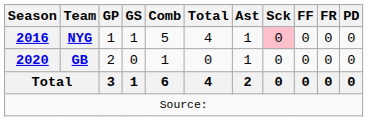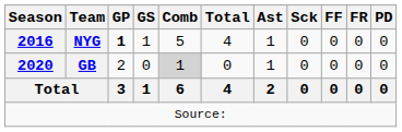 <table class=wikitable style="text-align:center;">
 <tr>
 <th>Season</th>
 <th>Team</th>
 <th>GP</th>
 <th>GS</th>
 <th>Comb</th>
 <th>Total</th>
 <th>Ast</th>
 <th>Sck</th>
 <th>FF</th>
 <th>FR</th>
 <th>PD</th>
 </tr>
 <tr>
 <th><a href='#'>2016</a></th>
 <th><a href='#'>NYG</a></th>
-<td>1</td>
+<td><strong>1</strong></td>
 <td>1</td>
 <td>5</td>
 <td>4</td>
 <td>1</td>
-<td style="background: pink;">0</td>
+<td>0</td>
 <td>0</td>
 <td>0</td>
 <td>0</td>
 </tr>
 <tr>
 <th><a href='#'>2020</a></th>
 <th><a href='#'>GB</a></th>
 <td>2</td>
 <td>0</td>
-<td>1</td>
+<td style="background: lightgrey;">1</td>
 <td>0</td>
 <td>1</td>
 <td>0</td>
 <td>0</td>
 <td>0</td>
 <td>0</td>
 </tr>
 <tr>
 <th colspan="2">Total</th>
 <th>3</th>
 <th>1</th>
 <th>6</th>
 <th>4</th>
 <th>2</th>
 <th>0</th>
 <th>0</th>
 <th>0</th>
 <th>0</th>
 </tr>
 <tr>
 <td colspan="16"><small>Source: </small></td>
 </tr>
 </table>
